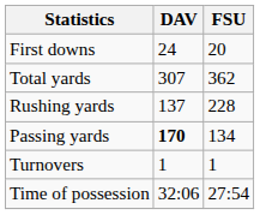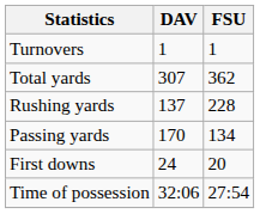 <table class="wikitable">
 <tr>
 <th>Statistics</th>
 <th>DAV</th>
 <th>FSU</th>
 </tr>
 <tr>
-<td>First downs</td>
-<td>24</td>
-<td>20</td>
+<td>Turnovers</td>
+<td>1</td>
+<td>1</td>
 </tr>
 <tr>
 <td>Total yards</td>
 <td>307</td>
 <td>362</td>
 </tr>
 <tr>
 <td>Rushing yards</td>
 <td>137</td>
 <td>228</td>
 </tr>
 <tr>
 <td>Passing yards</td>
-<td><strong>170</strong></td>
+<td>170</td>
 <td>134</td>
 </tr>
 <tr>
-<td>Turnovers</td>
-<td>1</td>
-<td>1</td>
+<td>First downs</td>
+<td>24</td>
+<td>20</td>
 </tr>
 <tr>
 <td>Time of possession</td>
 <td>32:06</td>
 <td>27:54</td>
 </tr>
 <tr>
 </tr>
 </table>
